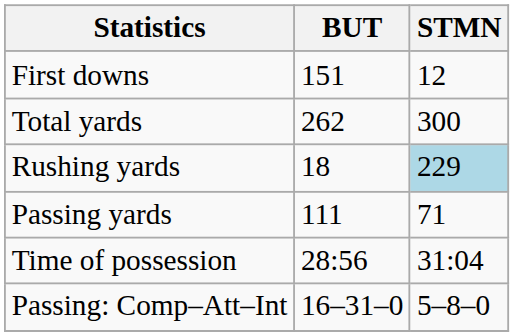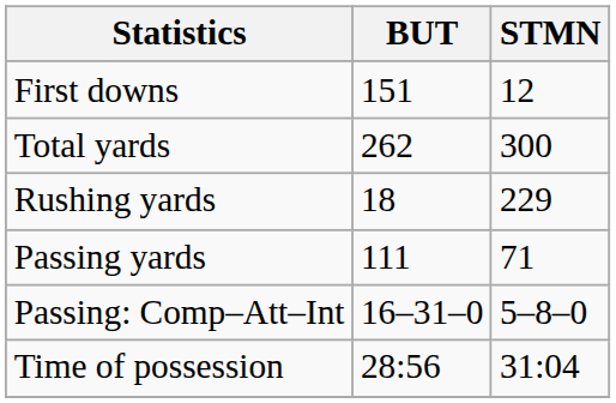 <table class="wikitable" style="float: left;">
 <tr>
 <th>Statistics</th>
 <th>BUT</th>
 <th>STMN</th>
 </tr>
 <tr>
 <td>First downs</td>
 <td>151</td>
 <td>12</td>
 </tr>
 <tr>
 <td>Total yards</td>
 <td>262</td>
 <td>300</td>
 </tr>
 <tr>
 <td>Rushing yards</td>
 <td>18</td>
-<td style="background: lightblue;">229</td>
+<td>229</td>
 </tr>
 <tr>
 <td>Passing yards</td>
 <td>111</td>
 <td>71</td>
 </tr>
 <tr>
+<td>Passing: Comp–Att–Int</td>
+<td>16–31–0</td>
+<td>5–8–0</td>
+</tr>
+<tr>
 <td>Time of possession</td>
 <td>28:56</td>
 <td>31:04</td>
 </tr>
 <tr>
-<td>Passing: Comp–Att–Int</td>
-<td>16–31–0</td>
-<td>5–8–0</td>
-</tr>
-<tr>
 </tr>
 </table>
